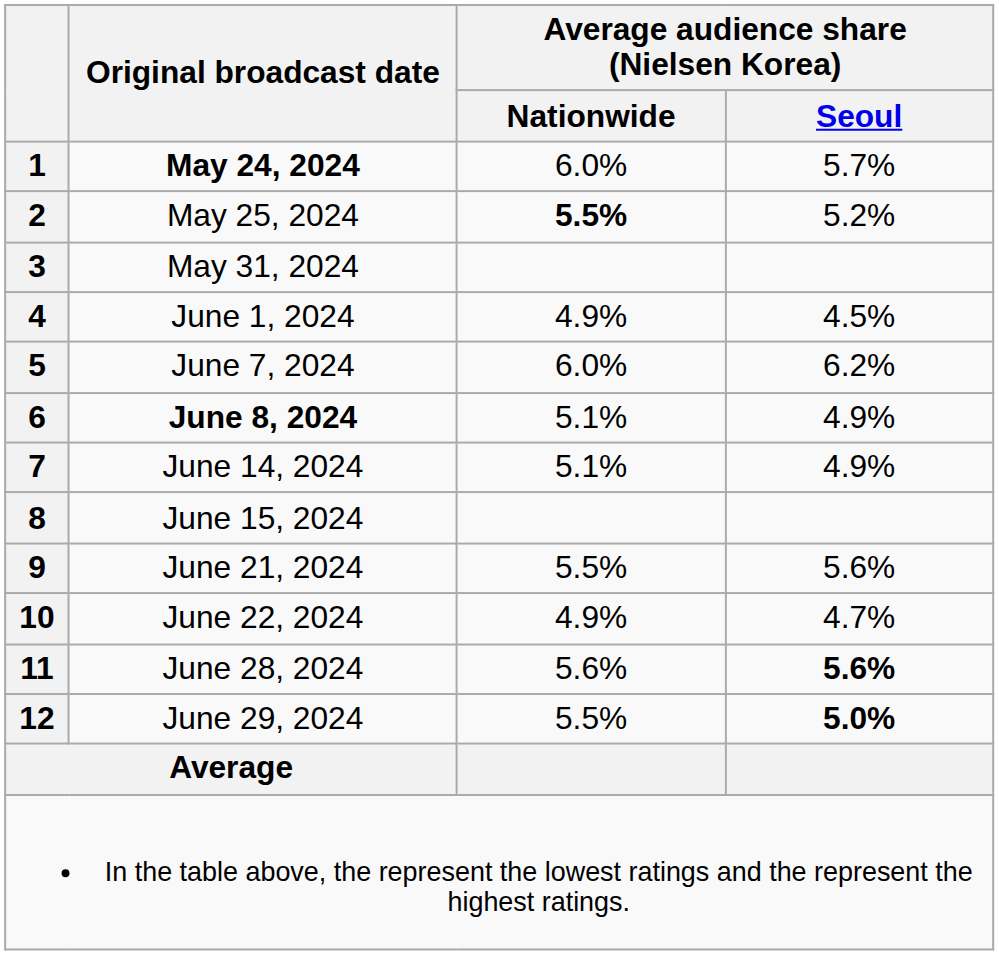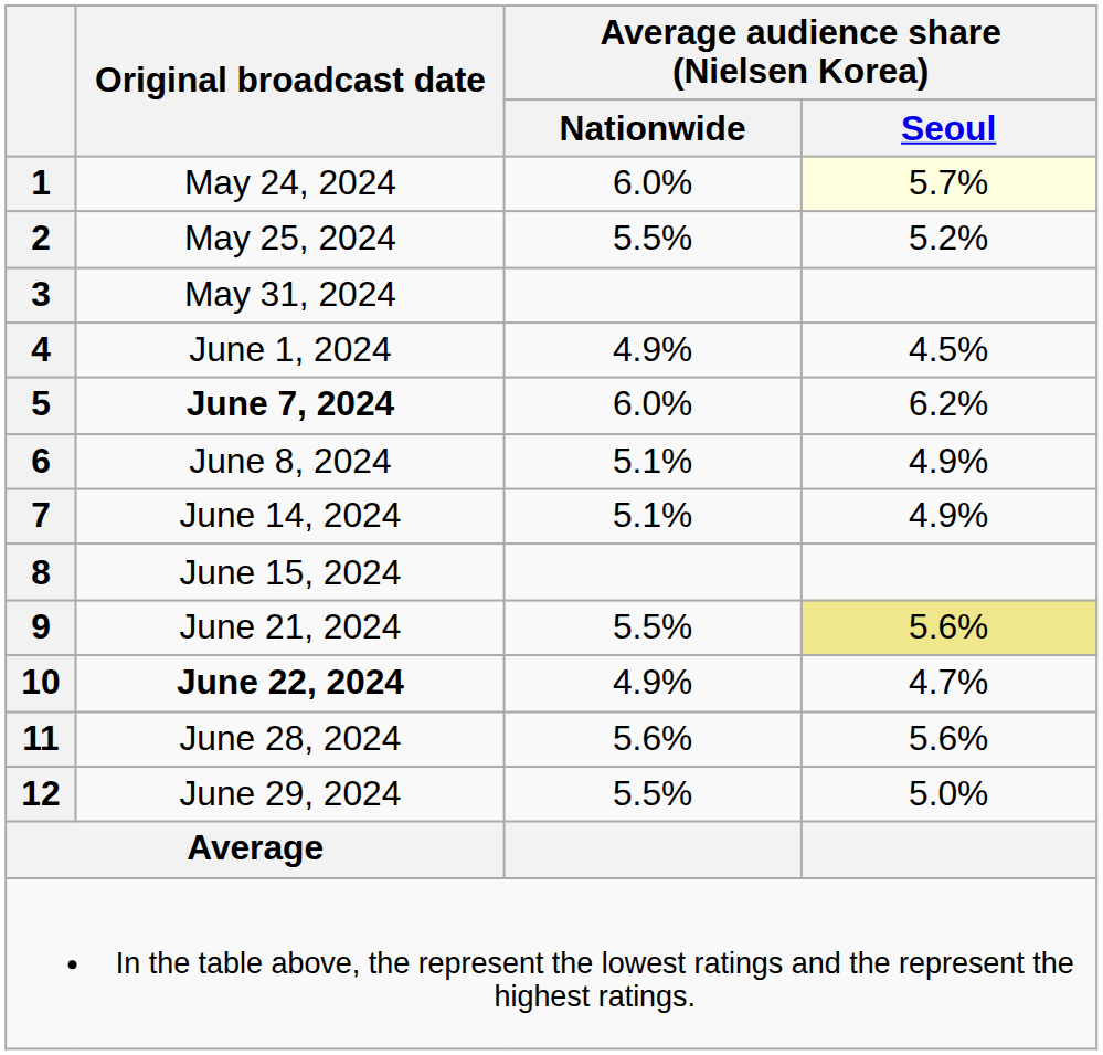 <table class="wikitable" style="margin-left:auto; margin-right:auto; width:500px; text-align:center">
 <tr>
 <th scope="col" rowspan="2"></th>
 <th scope="col" rowspan="2">Original broadcast date</th>
 <th scope="col" colspan="2">Average audience share<br>(Nielsen Korea)</th>
 </tr>
 <tr>
 <th scope="col" style="width:8em">Nationwide</th>
 <th scope="col" style="width:8em"><a href='#'>Seoul</a></th>
 </tr>
 <tr>
 <th scope="row">1</th>
-<td><strong>May 24, 2024</strong></td>
+<td>May 24, 2024</td>
 <td>6.0% </td>
-<td>5.7% </td>
+<td style="background: lightyellow;">5.7% </td>
 </tr>
 <tr>
 <th scope="row">2</th>
 <td>May 25, 2024</td>
-<td><strong>5.5% </strong></td>
+<td>5.5% </td>
 <td>5.2% </td>
 </tr>
 <tr>
 <th scope="row">3</th>
 <td>May 31, 2024</td>
 <td><strong></strong> </td>
 <td><strong></strong> </td>
 </tr>
 <tr>
 <th scope="row">4</th>
 <td>June 1, 2024</td>
 <td>4.9% </td>
 <td>4.5% </td>
 </tr>
 <tr>
 <th scope="row">5</th>
-<td>June 7, 2024</td>
+<td><strong>June 7, 2024</strong></td>
 <td>6.0% </td>
 <td>6.2% </td>
 </tr>
 <tr>
 <th scope="row">6</th>
-<td><strong>June 8, 2024</strong></td>
+<td>June 8, 2024</td>
 <td>5.1% </td>
 <td>4.9% </td>
 </tr>
 <tr>
 <th scope="row">7</th>
 <td>June 14, 2024</td>
 <td>5.1% </td>
 <td>4.9% </td>
 </tr>
 <tr>
 <th scope="row">8</th>
 <td>June 15, 2024</td>
 <td><strong></strong> </td>
 <td><strong></strong> </td>
 </tr>
 <tr>
 <th scope="row">9</th>
 <td>June 21, 2024</td>
 <td>5.5% </td>
-<td>5.6% </td>
+<td style="background: khaki;">5.6% </td>
 </tr>
 <tr>
 <th scope="row">10</th>
-<td>June 22, 2024</td>
+<td><strong>June 22, 2024</strong></td>
 <td>4.9% </td>
 <td>4.7% </td>
 </tr>
 <tr>
 <th scope="row">11</th>
 <td>June 28, 2024</td>
 <td>5.6% </td>
-<td><strong>5.6% </strong></td>
+<td>5.6% </td>
 </tr>
 <tr>
 <th scope="row">12</th>
 <td>June 29, 2024</td>
 <td>5.5% </td>
-<td><strong>5.0% </strong></td>
+<td>5.0% </td>
 </tr>
 <tr>
 <th scope="col" colspan="2">Average</th>
 <th scope="col"></th>
 <th scope="col"></th>
 </tr>
 <tr>
 <td colspan="5" style="font-size:85%"><br><ul><li>In the table above, the <strong></strong> represent the lowest ratings and the <strong></strong> represent the highest ratings.</li></ul></td>
 </tr>
 </table>
